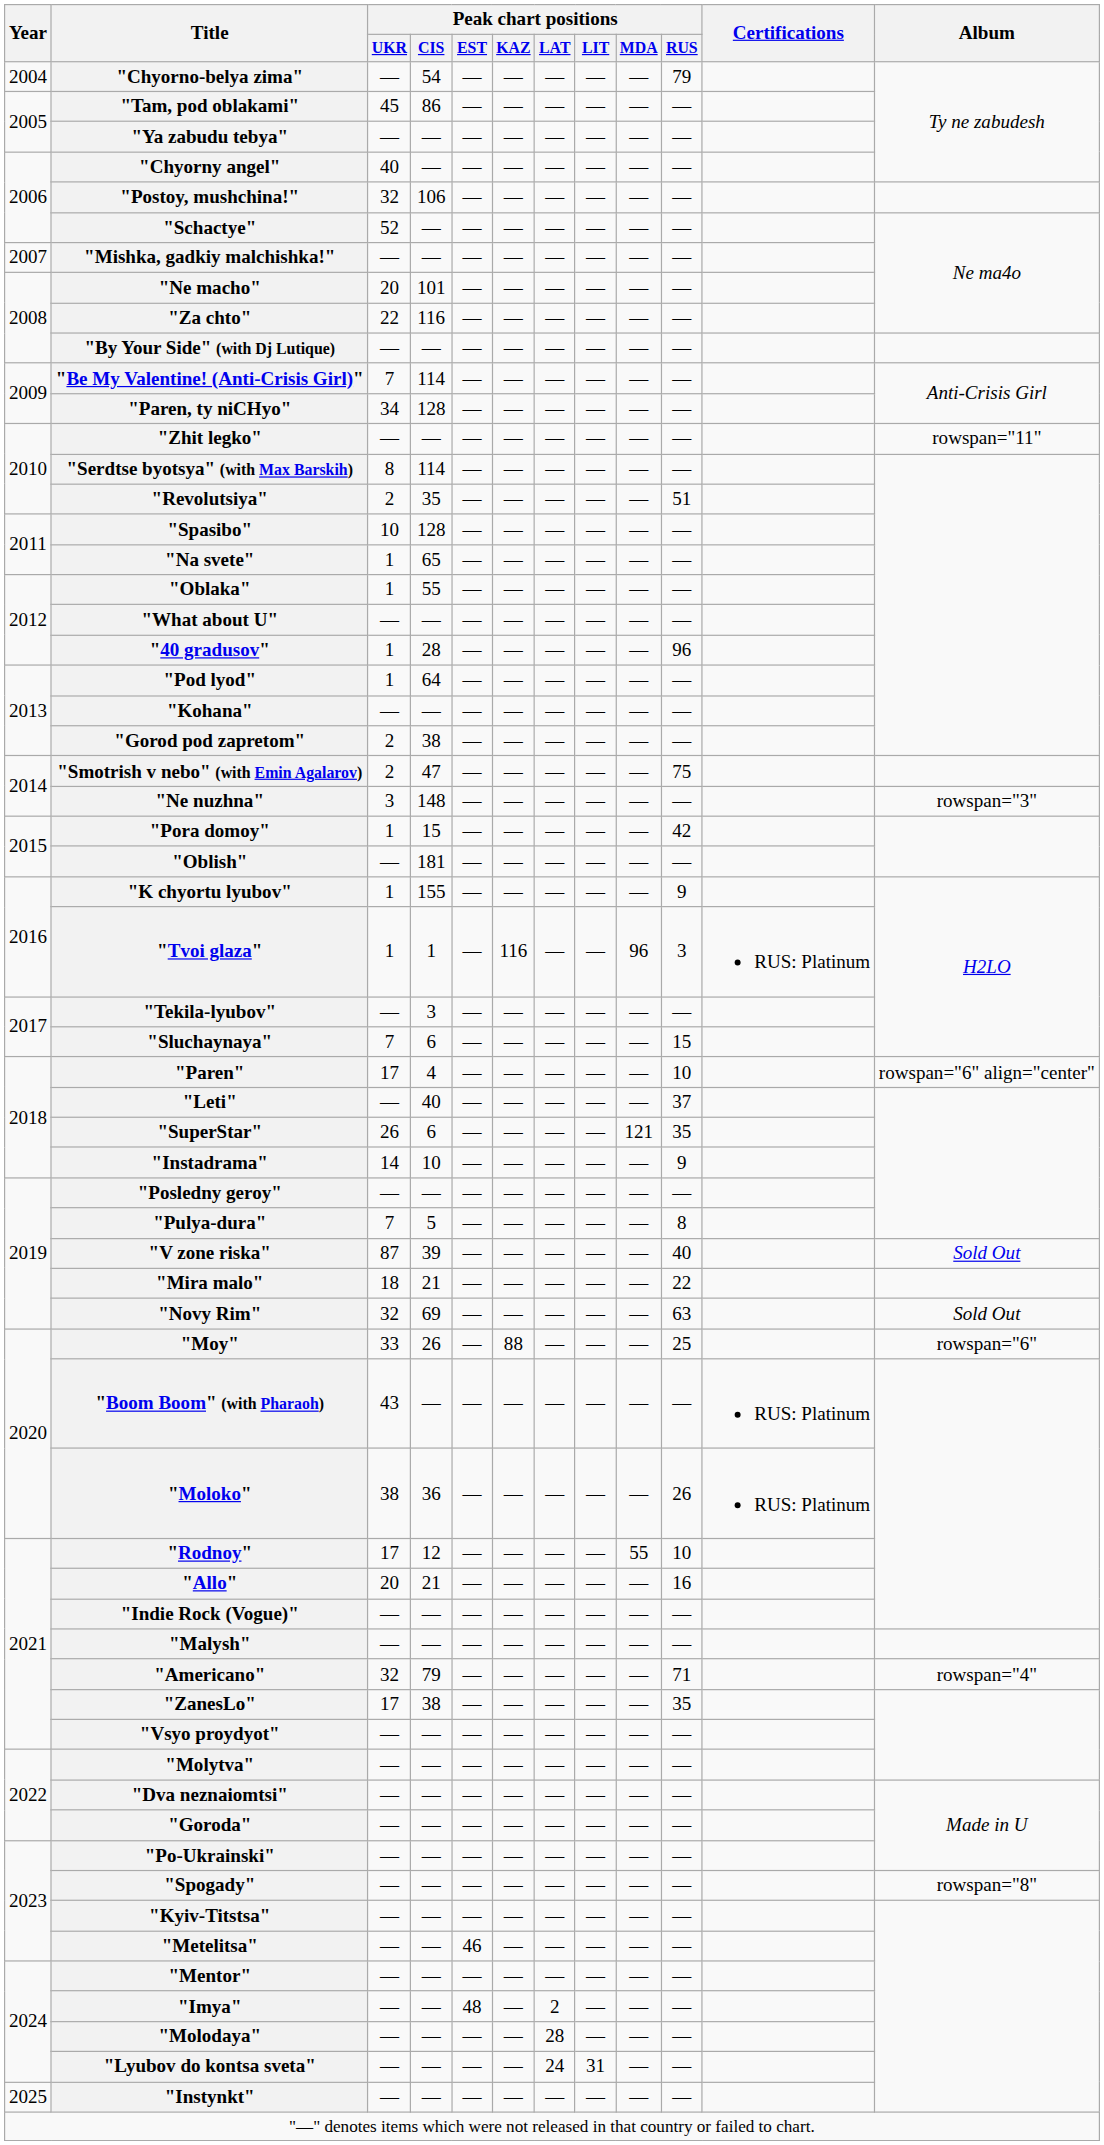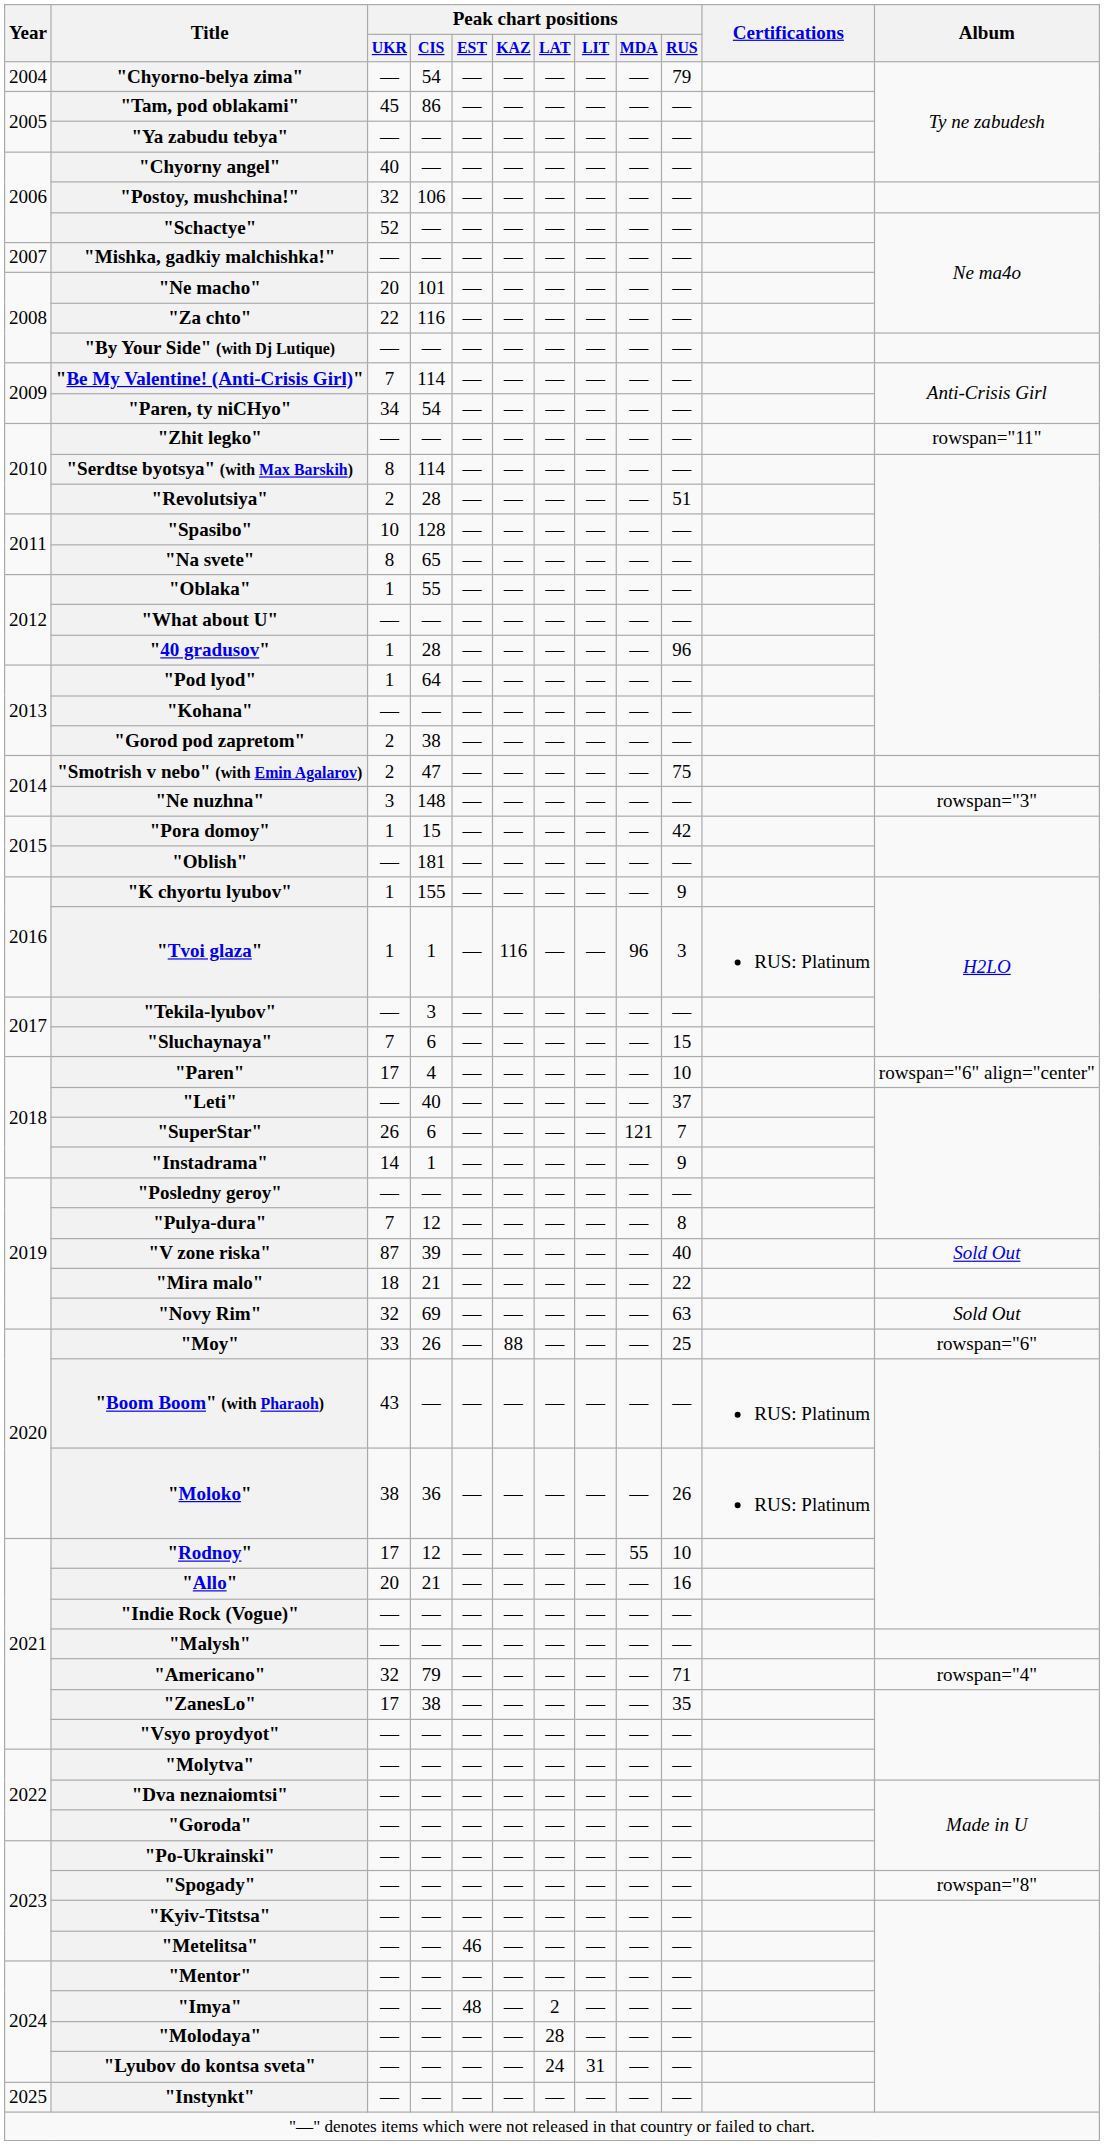 <table class="wikitable plainrowheaders" style="text-align: center;">
 <tr>
 <th rowspan="2">Year</th>
 <th rowspan="2">Title</th>
 <th colspan="8">Peak chart positions</th>
 <th rowspan="2"><a href='#'>Certifications</a></th>
 <th rowspan="2">Album</th>
 </tr>
 <tr style=font-size:smaller;>
 <th style="width:28px;"><a href='#'>UKR</a><br></th>
 <th style="width:28px;"><a href='#'>CIS</a><br></th>
 <th style="width:28px;"><a href='#'>EST</a><br></th>
 <th style="width:28px;"><a href='#'>KAZ</a><br></th>
 <th style="width:28px;"><a href='#'>LAT</a><br></th>
 <th style="width:28px;"><a href='#'>LIT</a><br></th>
 <th style="width:28px;"><a href='#'>MDA</a><br></th>
 <th style="width:28px;"><a href='#'>RUS</a><br></th>
 </tr>
 <tr>
 <td>2004</td>
 <th scope="row">"Chyorno-belya zima"</th>
 <td>—</td>
 <td>54</td>
 <td>—</td>
 <td>—</td>
 <td>—</td>
 <td>—</td>
 <td>—</td>
 <td>79</td>
 <td></td>
 <td rowspan="4"><em>Ty ne zabudesh</em></td>
 </tr>
 <tr>
 <td rowspan=2>2005</td>
 <th scope="row">"Tam, pod oblakami"</th>
 <td>45</td>
 <td>86</td>
 <td>—</td>
 <td>—</td>
 <td>—</td>
 <td>—</td>
 <td>—</td>
 <td>—</td>
 <td></td>
 </tr>
 <tr>
 <th scope="row">"Ya zabudu tebya"</th>
 <td>—</td>
 <td>—</td>
 <td>—</td>
 <td>—</td>
 <td>—</td>
 <td>—</td>
 <td>—</td>
 <td>—</td>
 <td></td>
 </tr>
 <tr>
 <td rowspan=3>2006</td>
 <th scope="row">"Chyorny angel"</th>
 <td>40</td>
 <td>—</td>
 <td>—</td>
 <td>—</td>
 <td>—</td>
 <td>—</td>
 <td>—</td>
 <td>—</td>
 <td></td>
 </tr>
 <tr>
 <th scope="row">"Postoy, mushchina!"</th>
 <td>32</td>
 <td>106</td>
 <td>—</td>
 <td>—</td>
 <td>—</td>
 <td>—</td>
 <td>—</td>
 <td>—</td>
 <td></td>
 <td></td>
 </tr>
 <tr>
 <th scope="row">"Schactye"</th>
 <td>52</td>
 <td>—</td>
 <td>—</td>
 <td>—</td>
 <td>—</td>
 <td>—</td>
 <td>—</td>
 <td>—</td>
 <td></td>
 <td rowspan="4"><em>Ne ma4o</em></td>
 </tr>
 <tr>
 <td>2007</td>
 <th scope="row">"Mishka, gadkiy malchishka!"</th>
 <td>—</td>
 <td>—</td>
 <td>—</td>
 <td>—</td>
 <td>—</td>
 <td>—</td>
 <td>—</td>
 <td>—</td>
 <td></td>
 </tr>
 <tr>
 <td rowspan="3">2008</td>
 <th scope="row">"Ne macho"</th>
 <td>20</td>
 <td>101</td>
 <td>—</td>
 <td>—</td>
 <td>—</td>
 <td>—</td>
 <td>—</td>
 <td>—</td>
 <td></td>
 </tr>
 <tr>
 <th scope="row">"Za chto"</th>
 <td>22</td>
 <td>116</td>
 <td>—</td>
 <td>—</td>
 <td>—</td>
 <td>—</td>
 <td>—</td>
 <td>—</td>
 <td></td>
 </tr>
 <tr>
 <th scope="row">"By Your Side" <small>(with Dj Lutique)</small></th>
 <td>—</td>
 <td>—</td>
 <td>—</td>
 <td>—</td>
 <td>—</td>
 <td>—</td>
 <td>—</td>
 <td>—</td>
 <td></td>
 <td></td>
 </tr>
 <tr>
 <td rowspan="2">2009</td>
 <th scope="row">"<a href='#'>Be My Valentine! (Anti-Crisis Girl)</a>"</th>
 <td>7</td>
 <td>114</td>
 <td>—</td>
 <td>—</td>
 <td>—</td>
 <td>—</td>
 <td>—</td>
 <td>—</td>
 <td></td>
 <td rowspan="2"><em>Anti-Crisis Girl</em></td>
 </tr>
 <tr>
 <th scope="row">"Paren, ty niCHyo"</th>
 <td>34</td>
-<td>128</td>
+<td>54</td>
 <td>—</td>
 <td>—</td>
 <td>—</td>
 <td>—</td>
 <td>—</td>
 <td>—</td>
 <td></td>
 </tr>
 <tr>
 <td rowspan="3">2010</td>
 <th scope="row">"Zhit legko"</th>
 <td>—</td>
 <td>—</td>
 <td>—</td>
 <td>—</td>
 <td>—</td>
 <td>—</td>
 <td>—</td>
 <td>—</td>
 <td></td>
 <td>rowspan="11" </td>
 </tr>
 <tr>
 <th scope="row">"Serdtse byotsya" <small>(with <a href='#'>Max Barskih</a>)</small></th>
 <td>8</td>
 <td>114</td>
 <td>—</td>
 <td>—</td>
 <td>—</td>
 <td>—</td>
 <td>—</td>
 <td>—</td>
 <td></td>
 </tr>
 <tr>
 <th scope="row">"Revolutsiya"</th>
 <td>2</td>
-<td>35</td>
+<td>28</td>
 <td>—</td>
 <td>—</td>
 <td>—</td>
 <td>—</td>
 <td>—</td>
 <td>51</td>
 <td></td>
 </tr>
 <tr>
 <td rowspan="2">2011</td>
 <th scope="row">"Spasibo"</th>
 <td>10</td>
 <td>128</td>
 <td>—</td>
 <td>—</td>
 <td>—</td>
 <td>—</td>
 <td>—</td>
 <td>—</td>
 <td></td>
 </tr>
 <tr>
 <th scope="row">"Na svete"</th>
-<td>1</td>
+<td>8</td>
 <td>65</td>
 <td>—</td>
 <td>—</td>
 <td>—</td>
 <td>—</td>
 <td>—</td>
 <td>—</td>
 <td></td>
 </tr>
 <tr>
 <td rowspan="3">2012</td>
 <th scope="row">"Oblaka"</th>
 <td>1</td>
 <td>55</td>
 <td>—</td>
 <td>—</td>
 <td>—</td>
 <td>—</td>
 <td>—</td>
 <td>—</td>
 <td></td>
 </tr>
 <tr>
 <th scope="row">"What about U"</th>
 <td>—</td>
 <td>—</td>
 <td>—</td>
 <td>—</td>
 <td>—</td>
 <td>—</td>
 <td>—</td>
 <td>—</td>
 <td></td>
 </tr>
 <tr>
 <th scope="row">"<a href='#'>40 gradusov</a>"</th>
 <td>1</td>
 <td>28</td>
 <td>—</td>
 <td>—</td>
 <td>—</td>
 <td>—</td>
 <td>—</td>
 <td>96</td>
 <td></td>
 </tr>
 <tr>
 <td rowspan="3">2013</td>
 <th scope="row">"Pod lyod"</th>
 <td>1</td>
 <td>64</td>
 <td>—</td>
 <td>—</td>
 <td>—</td>
 <td>—</td>
 <td>—</td>
 <td>—</td>
 <td></td>
 </tr>
 <tr>
 <th scope="row">"Kohana"</th>
 <td>—</td>
 <td>—</td>
 <td>—</td>
 <td>—</td>
 <td>—</td>
 <td>—</td>
 <td>—</td>
 <td>—</td>
 <td></td>
 </tr>
 <tr>
 <th scope="row">"Gorod pod zapretom"</th>
 <td>2</td>
 <td>38</td>
 <td>—</td>
 <td>—</td>
 <td>—</td>
 <td>—</td>
 <td>—</td>
 <td>—</td>
 <td></td>
 </tr>
 <tr>
 <td rowspan="2">2014</td>
 <th scope="row">"Smotrish v nebo" <small>(with <a href='#'>Emin Agalarov</a>)</small></th>
 <td>2</td>
 <td>47</td>
 <td>—</td>
 <td>—</td>
 <td>—</td>
 <td>—</td>
 <td>—</td>
 <td>75</td>
 <td></td>
 <td></td>
 </tr>
 <tr>
 <th scope="row">"Ne nuzhna"</th>
 <td>3</td>
 <td>148</td>
 <td>—</td>
 <td>—</td>
 <td>—</td>
 <td>—</td>
 <td>—</td>
 <td>—</td>
 <td></td>
 <td>rowspan="3" </td>
 </tr>
 <tr>
 <td rowspan="2">2015</td>
 <th scope="row">"Pora domoy"</th>
 <td>1</td>
 <td>15</td>
 <td>—</td>
 <td>—</td>
 <td>—</td>
 <td>—</td>
 <td>—</td>
 <td>42</td>
 <td></td>
 </tr>
 <tr>
 <th scope="row">"Oblish"</th>
 <td>—</td>
 <td>181</td>
 <td>—</td>
 <td>—</td>
 <td>—</td>
 <td>—</td>
 <td>—</td>
 <td>—</td>
 <td></td>
 </tr>
 <tr>
 <td rowspan="2">2016</td>
 <th scope="row">"K chyortu lyubov"</th>
 <td>1</td>
 <td>155</td>
 <td>—</td>
 <td>—</td>
 <td>—</td>
 <td>—</td>
 <td>—</td>
 <td>9</td>
 <td></td>
 <td rowspan="4"><em><a href='#'>H2LO</a></em></td>
 </tr>
 <tr>
 <th scope="row">"<a href='#'>Tvoi glaza</a>"</th>
 <td>1</td>
 <td>1</td>
 <td>—</td>
 <td>116</td>
 <td>—</td>
 <td>—</td>
 <td>96</td>
 <td>3</td>
 <td><br><ul><li>RUS: Platinum</li></ul></td>
 </tr>
 <tr>
 <td rowspan="2">2017</td>
 <th scope="row">"Tekila-lyubov"</th>
 <td>—</td>
 <td>3</td>
 <td>—</td>
 <td>—</td>
 <td>—</td>
 <td>—</td>
 <td>—</td>
 <td>—</td>
 <td></td>
 </tr>
 <tr>
 <th scope="row">"Sluchaynaya"</th>
 <td>7</td>
 <td>6</td>
 <td>—</td>
 <td>—</td>
 <td>—</td>
 <td>—</td>
 <td>—</td>
 <td>15</td>
 <td></td>
 </tr>
 <tr>
 <td rowspan=4>2018</td>
 <th scope="row">"Paren"</th>
 <td>17</td>
 <td>4</td>
 <td>—</td>
 <td>—</td>
 <td>—</td>
 <td>—</td>
 <td>—</td>
 <td>10</td>
 <td></td>
 <td>rowspan="6" align="center" </td>
 </tr>
 <tr>
 <th scope="row">"Leti"</th>
 <td>—</td>
 <td>40</td>
 <td>—</td>
 <td>—</td>
 <td>—</td>
 <td>—</td>
 <td>—</td>
 <td>37</td>
 <td></td>
 </tr>
 <tr>
 <th scope="row">"SuperStar"</th>
 <td>26</td>
 <td>6</td>
 <td>—</td>
 <td>—</td>
 <td>—</td>
 <td>—</td>
 <td>121</td>
-<td>35</td>
+<td>7</td>
 <td></td>
 </tr>
 <tr>
 <th scope="row">"Instadrama"</th>
 <td>14</td>
-<td>10</td>
+<td>1</td>
 <td>—</td>
 <td>—</td>
 <td>—</td>
 <td>—</td>
 <td>—</td>
 <td>9</td>
 <td></td>
 </tr>
 <tr>
 <td rowspan="5">2019</td>
 <th scope="row">"Posledny geroy"</th>
 <td>—</td>
 <td>—</td>
 <td>—</td>
 <td>—</td>
 <td>—</td>
 <td>—</td>
 <td>—</td>
 <td>—</td>
 <td></td>
 </tr>
 <tr>
 <th scope="row">"Pulya-dura"</th>
 <td>7</td>
-<td>5</td>
+<td>12</td>
 <td>—</td>
 <td>—</td>
 <td>—</td>
 <td>—</td>
 <td>—</td>
 <td>8</td>
 <td></td>
 </tr>
 <tr>
 <th scope="row">"V zone riska"</th>
 <td>87</td>
 <td>39</td>
 <td>—</td>
 <td>—</td>
 <td>—</td>
 <td>—</td>
 <td>—</td>
 <td>40</td>
 <td></td>
 <td><em><a href='#'>Sold Out</a></em></td>
 </tr>
 <tr>
 <th scope="row">"Mira malo"</th>
 <td>18</td>
 <td>21</td>
 <td>—</td>
 <td>—</td>
 <td>—</td>
 <td>—</td>
 <td>—</td>
 <td>22</td>
 <td></td>
 <td></td>
 </tr>
 <tr>
 <th scope="row">"Novy Rim"</th>
 <td>32</td>
 <td>69</td>
 <td>—</td>
 <td>—</td>
 <td>—</td>
 <td>—</td>
 <td>—</td>
 <td>63</td>
 <td></td>
 <td><em>Sold Out</em></td>
 </tr>
 <tr>
 <td rowspan="3">2020</td>
 <th scope="row">"Moy"</th>
 <td>33</td>
 <td>26</td>
 <td>—</td>
 <td>88</td>
 <td>—</td>
 <td>—</td>
 <td>—</td>
 <td>25</td>
 <td></td>
 <td>rowspan="6"  </td>
 </tr>
 <tr>
 <th scope="row">"<a href='#'>Boom Boom</a>" <small>(with <a href='#'>Pharaoh</a>)</small></th>
 <td>43</td>
 <td>—</td>
 <td>—</td>
 <td>—</td>
 <td>—</td>
 <td>—</td>
 <td>—</td>
 <td>—</td>
 <td><br><ul><li>RUS: Platinum</li></ul></td>
 </tr>
 <tr>
 <th scope="row">"<a href='#'>Moloko</a>"</th>
 <td>38</td>
 <td>36</td>
 <td>—</td>
 <td>—</td>
 <td>—</td>
 <td>—</td>
 <td>—</td>
 <td>26</td>
 <td><br><ul><li>RUS: Platinum</li></ul></td>
 </tr>
 <tr>
 <td rowspan="7">2021</td>
 <th scope="row">"<a href='#'>Rodnoy</a>"</th>
 <td>17</td>
 <td>12</td>
 <td>—</td>
 <td>—</td>
 <td>—</td>
 <td>—</td>
 <td>55</td>
 <td>10</td>
 <td></td>
 </tr>
 <tr>
 <th scope="row">"<a href='#'>Allo</a>"</th>
 <td>20</td>
 <td>21</td>
 <td>—</td>
 <td>—</td>
 <td>—</td>
 <td>—</td>
 <td>—</td>
 <td>16</td>
 <td></td>
 </tr>
 <tr>
 <th scope="row">"Indie Rock (Vogue)"</th>
 <td>—</td>
 <td>—</td>
 <td>—</td>
 <td>—</td>
 <td>—</td>
 <td>—</td>
 <td>—</td>
 <td>—</td>
 <td></td>
 </tr>
 <tr>
 <th scope="row">"Malysh"</th>
 <td>—</td>
 <td>—</td>
 <td>—</td>
 <td>—</td>
 <td>—</td>
 <td>—</td>
 <td>—</td>
 <td>—</td>
 <td></td>
 <td></td>
 </tr>
 <tr>
 <th scope="row">"Americano"</th>
 <td>32</td>
 <td>79</td>
 <td>—</td>
 <td>—</td>
 <td>—</td>
 <td>—</td>
 <td>—</td>
 <td>71</td>
 <td></td>
 <td>rowspan="4" </td>
 </tr>
 <tr>
 <th scope="row">"ZanesLo"</th>
 <td>17</td>
 <td>38</td>
 <td>—</td>
 <td>—</td>
 <td>—</td>
 <td>—</td>
 <td>—</td>
 <td>35</td>
 <td></td>
 </tr>
 <tr>
 <th scope="row">"Vsyo proydyot"</th>
 <td>—</td>
 <td>—</td>
 <td>—</td>
 <td>—</td>
 <td>—</td>
 <td>—</td>
 <td>—</td>
 <td>—</td>
 <td></td>
 </tr>
 <tr>
 <td rowspan="3">2022</td>
 <th scope="row">"Molytva"</th>
 <td>—</td>
 <td>—</td>
 <td>—</td>
 <td>—</td>
 <td>—</td>
 <td>—</td>
 <td>—</td>
 <td>—</td>
 <td></td>
 </tr>
 <tr>
 <th scope="row">"Dva neznaiomtsi"</th>
 <td>—</td>
 <td>—</td>
 <td>—</td>
 <td>—</td>
 <td>—</td>
 <td>—</td>
 <td>—</td>
 <td>—</td>
 <td></td>
 <td rowspan="3"><em>Made in U</em></td>
 </tr>
 <tr>
 <th scope="row">"Goroda"</th>
 <td>—</td>
 <td>—</td>
 <td>—</td>
 <td>—</td>
 <td>—</td>
 <td>—</td>
 <td>—</td>
 <td>—</td>
 <td></td>
 </tr>
 <tr>
 <td rowspan="4">2023</td>
 <th scope="row">"Po-Ukrainski"</th>
 <td>—</td>
 <td>—</td>
 <td>—</td>
 <td>—</td>
 <td>—</td>
 <td>—</td>
 <td>—</td>
 <td>—</td>
 <td></td>
 </tr>
 <tr>
 <th scope="row">"Spogady"</th>
 <td>—</td>
 <td>—</td>
 <td>—</td>
 <td>—</td>
 <td>—</td>
 <td>—</td>
 <td>—</td>
 <td>—</td>
 <td></td>
 <td>rowspan="8" </td>
 </tr>
 <tr>
 <th scope="row">"Kyiv-Titstsa"</th>
 <td>—</td>
 <td>—</td>
 <td>—</td>
 <td>—</td>
 <td>—</td>
 <td>—</td>
 <td>—</td>
 <td>—</td>
 <td></td>
 </tr>
 <tr>
 <th scope="row">"Metelitsa"</th>
 <td>—</td>
 <td>—</td>
 <td>46</td>
 <td>—</td>
 <td>—</td>
 <td>—</td>
 <td>—</td>
 <td>—</td>
 <td></td>
 </tr>
 <tr>
 <td rowspan="4">2024</td>
 <th scope="row">"Mentor"</th>
 <td>—</td>
 <td>—</td>
 <td>—</td>
 <td>—</td>
 <td>—</td>
 <td>—</td>
 <td>—</td>
 <td>—</td>
 <td></td>
 </tr>
 <tr>
 <th scope="row">"Imya"</th>
 <td>—</td>
 <td>—</td>
 <td>48 </td>
 <td>—</td>
 <td>2 </td>
 <td>—</td>
 <td>—</td>
 <td>—</td>
 <td></td>
 </tr>
 <tr>
 <th scope="row">"Molodaya"</th>
 <td>—</td>
 <td>—</td>
 <td>—</td>
 <td>—</td>
 <td>28 </td>
 <td>—</td>
 <td>—</td>
 <td>—</td>
 <td></td>
 </tr>
 <tr>
 <th scope="row">"Lyubov do kontsa sveta"</th>
 <td>—</td>
 <td>—</td>
 <td>—</td>
 <td>—</td>
 <td>24 </td>
 <td>31 </td>
 <td>—</td>
 <td>—</td>
 <td></td>
 </tr>
 <tr>
 <td>2025</td>
 <th scope="row">"Instynkt"</th>
 <td>—</td>
 <td>—</td>
 <td>—</td>
 <td>—</td>
 <td>—</td>
 <td>—</td>
 <td>—</td>
 <td>—</td>
 <td></td>
 </tr>
 <tr>
 <td colspan="12" style="font-size:90%;">"—" denotes items which were not released in that country or failed to chart.</td>
 </tr>
 <tr>
 </tr>
 </table>
